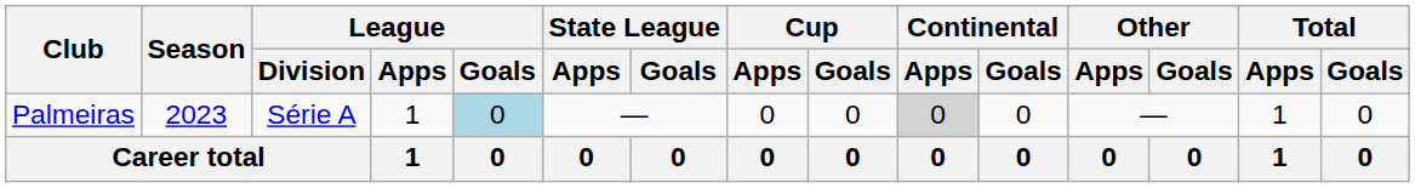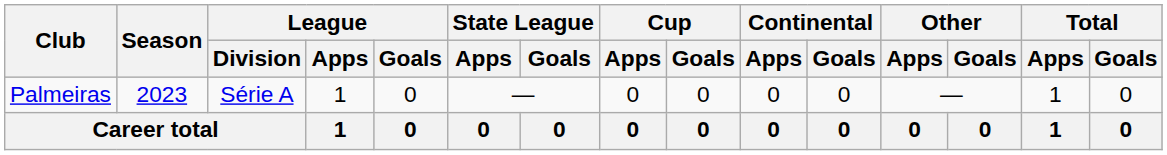 <table class="wikitable" style="text-align: center">
 <tr>
 <th rowspan="2">Club</th>
 <th rowspan="2">Season</th>
 <th colspan="3">League</th>
 <th colspan="2">State League</th>
 <th colspan="2">Cup</th>
 <th colspan="2">Continental</th>
 <th colspan="2">Other</th>
 <th colspan="2">Total</th>
 </tr>
 <tr>
 <th>Division</th>
 <th>Apps</th>
 <th>Goals</th>
 <th>Apps</th>
 <th>Goals</th>
 <th>Apps</th>
 <th>Goals</th>
 <th>Apps</th>
 <th>Goals</th>
 <th>Apps</th>
 <th>Goals</th>
 <th>Apps</th>
 <th>Goals</th>
 </tr>
 <tr>
 <td><a href='#'>Palmeiras</a></td>
 <td><a href='#'>2023</a></td>
 <td><a href='#'>Série A</a></td>
 <td>1</td>
-<td style="background: lightblue;">0</td>
+<td>0</td>
 <td colspan="2">—</td>
 <td>0</td>
 <td>0</td>
-<td style="background: lightgrey;">0</td>
+<td>0</td>
 <td>0</td>
 <td colspan="2">—</td>
 <td>1</td>
 <td>0</td>
 </tr>
 <tr>
 <th colspan="3"><strong>Career total</strong></th>
 <th>1</th>
 <th>0</th>
 <th>0</th>
 <th>0</th>
 <th>0</th>
 <th>0</th>
 <th>0</th>
 <th>0</th>
 <th>0</th>
 <th>0</th>
 <th>1</th>
 <th>0</th>
 </tr>
 </table>
